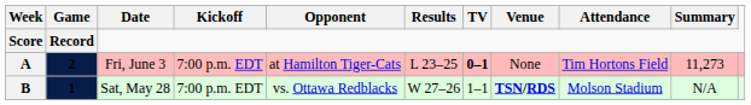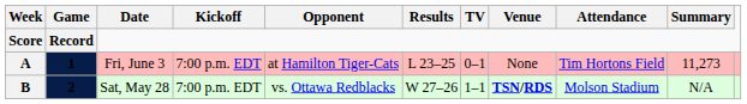 <table class="wikitable" style="font-size: 95%;">
 <tr>
 <th scope="col">Week</th>
 <th scope="col">Game</th>
 <th scope="col">Date</th>
 <th scope="col">Kickoff</th>
 <th scope="col">Opponent</th>
 <th scope="col">Results</th>
 <th scope="col">TV</th>
 <th scope="col">Venue</th>
 <th scope="col">Attendance</th>
 <th scope="col">Summary</th>
 </tr>
 <tr>
 <th scope="col">Score</th>
 <th scope="col">Record</th>
 </tr>
 <tr align="center"= bgcolor="ffbbbb">
 <th align="center"><strong>A</strong></th>
-<th style="text-align:center; background:#071D49;"><span><strong>2</strong></span></th>
+<th style="text-align:center; background:#071D49;"><span><strong>1</strong></span></th>
 <td align="center">Fri, June 3</td>
 <td align="center">7:00 p.m. <a href='#'>EDT</a></td>
 <td align="center">at <a href='#'>Hamilton Tiger-Cats</a></td>
 <td align="center">L 23–25</td>
-<td align="center"><strong>0–1</strong></td>
+<td align="center">0–1</td>
 <td align="center">None</td>
 <td align="center"><a href='#'>Tim Hortons Field</a></td>
 <td align="center">11,273</td>
 <td align="center"></td>
 </tr>
 <tr align="center"= bgcolor="ddffdd">
 <th align="center"><strong>B</strong></th>
-<th style="text-align:center; background:#071D49;"><span><strong>1</strong></span></th>
+<th style="text-align:center; background:#071D49;"><span><strong>2</strong></span></th>
 <td align="center">Sat, May 28</td>
 <td align="center">7:00 p.m. EDT</td>
 <td align="center">vs. <a href='#'>Ottawa Redblacks</a></td>
 <td align="center">W 27–26</td>
 <td align="center">1–1</td>
 <td align="center"><strong><a href='#'>TSN</a>/<a href='#'>RDS</a></strong></td>
 <td align="center"><a href='#'>Molson Stadium</a></td>
 <td align="center">N/A</td>
 <td align="center"></td>
 </tr>
 </table>
